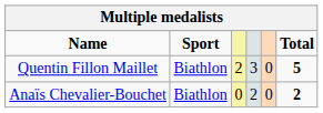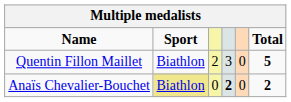 <table class="wikitable" style="font-size:85%; float:right;">
 <tr style="background:#efefef;">
 <th colspan=7><strong>Multiple medalists</strong></th>
 </tr>
 <tr align=center>
 <td><strong>Name</strong></td>
 <td><strong>Sport</strong></td>
 <td bgcolor=#f7f6a8></td>
 <td bgcolor=#dce5e5></td>
 <td bgcolor=#ffdab9></td>
 <td><strong>Total</strong></td>
 </tr>
 <tr align=center>
 <td><a href='#'>Quentin Fillon Maillet</a></td>
 <td><a href='#'>Biathlon</a></td>
 <td style="background:#f7f6a8;">2</td>
 <td style="background:#dce5e5;">3</td>
 <td style="background:#ffdab9;">0</td>
 <td><strong>5</strong></td>
 </tr>
 <tr align=center>
 <td><a href='#'>Anaïs Chevalier-Bouchet</a></td>
-<td><a href='#'>Biathlon</a></td>
+<td style="background: khaki;"><a href='#'>Biathlon</a></td>
 <td style="background:#f7f6a8;">0</td>
-<td style="background:#dce5e5;">2</td>
+<td style="background:#dce5e5;"><strong>2</strong></td>
 <td style="background:#ffdab9;">0</td>
 <td><strong>2</strong></td>
 </tr>
 </table>
